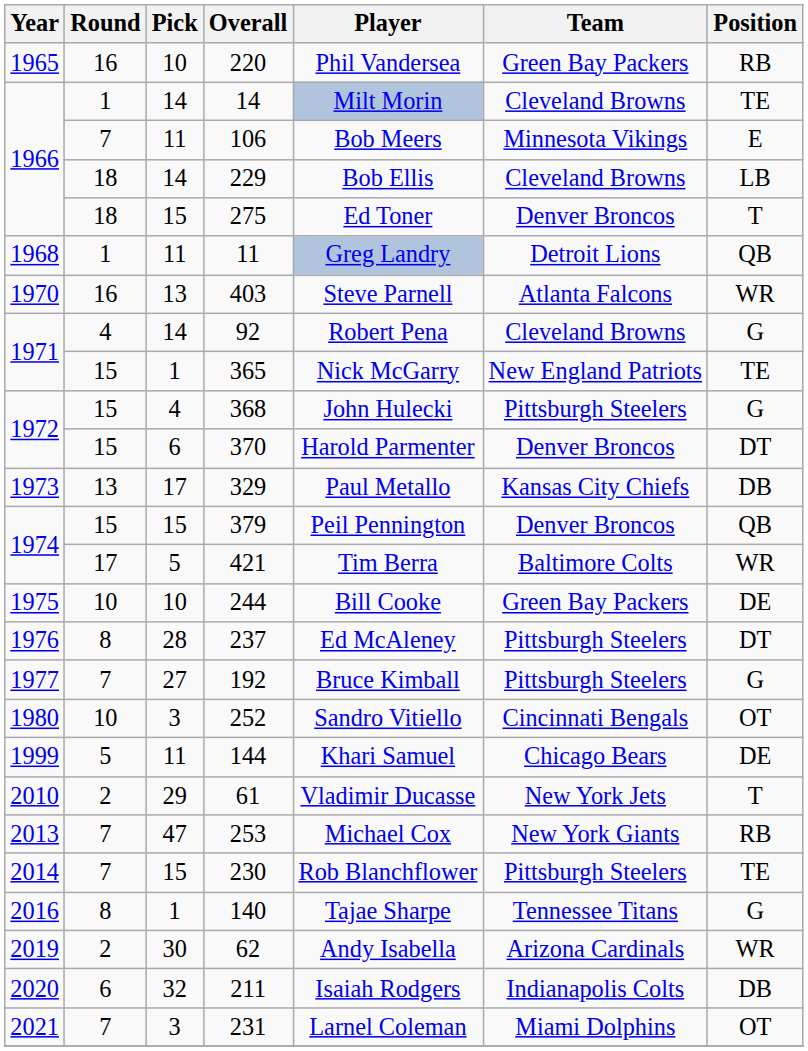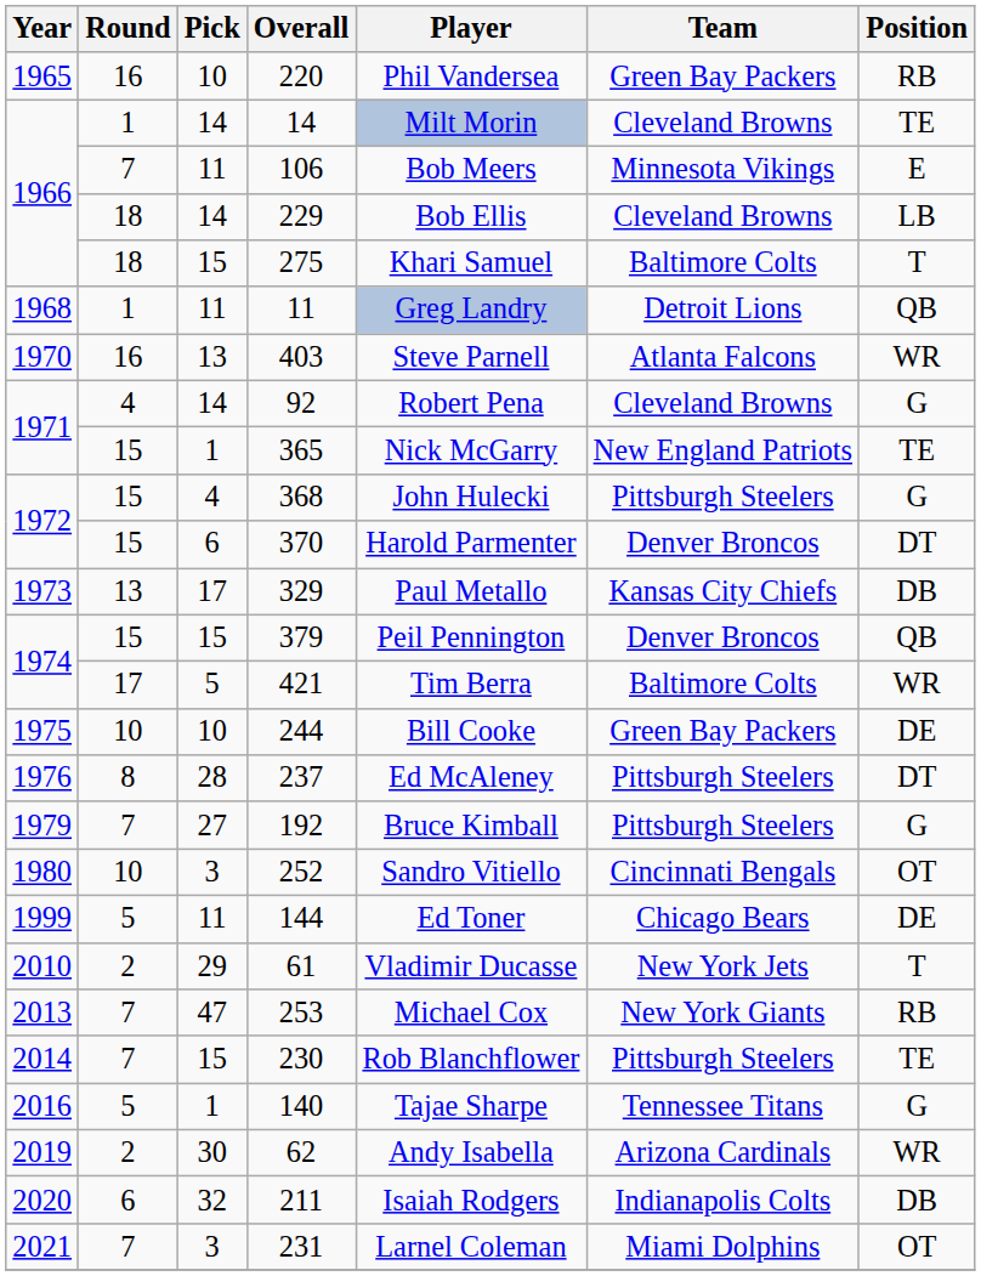 <table class="wikitable sortable" style="text-align: center;">
 <tr>
 <th>Year</th>
 <th>Round</th>
 <th>Pick</th>
 <th>Overall</th>
 <th>Player</th>
 <th>Team</th>
 <th>Position</th>
 </tr>
 <tr>
 <td><a href='#'>1965</a></td>
 <td>16</td>
 <td>10</td>
 <td>220</td>
 <td><a href='#'>Phil Vandersea</a></td>
 <td><a href='#'>Green Bay Packers</a></td>
 <td>RB</td>
 </tr>
 <tr>
 <td rowspan="4"><a href='#'>1966</a></td>
 <td>1</td>
 <td>14</td>
 <td>14</td>
 <td style="background-color:lightsteelblue"><a href='#'>Milt Morin</a></td>
 <td><a href='#'>Cleveland Browns</a></td>
 <td>TE</td>
 </tr>
 <tr>
 <td>7</td>
 <td>11</td>
 <td>106</td>
 <td><a href='#'>Bob Meers</a></td>
 <td><a href='#'>Minnesota Vikings</a></td>
 <td>E</td>
 </tr>
 <tr>
 <td>18</td>
 <td>14</td>
 <td>229</td>
 <td><a href='#'>Bob Ellis</a></td>
 <td><a href='#'>Cleveland Browns</a></td>
 <td>LB</td>
 </tr>
 <tr>
 <td>18</td>
 <td>15</td>
 <td>275</td>
-<td><a href='#'>Ed Toner</a></td>
-<td><a href='#'>Denver Broncos</a></td>
+<td><a href='#'>Khari Samuel</a></td>
+<td><a href='#'>Baltimore Colts</a></td>
 <td>T</td>
 </tr>
 <tr>
 <td><a href='#'>1968</a></td>
 <td>1</td>
 <td>11</td>
 <td>11</td>
 <td style="background-color:lightsteelblue"><a href='#'>Greg Landry</a></td>
 <td><a href='#'>Detroit Lions</a></td>
 <td>QB</td>
 </tr>
 <tr>
 <td><a href='#'>1970</a></td>
 <td>16</td>
 <td>13</td>
 <td>403</td>
 <td><a href='#'>Steve Parnell</a></td>
 <td><a href='#'>Atlanta Falcons</a></td>
 <td>WR</td>
 </tr>
 <tr>
 <td rowspan="2"><a href='#'>1971</a></td>
 <td>4</td>
 <td>14</td>
 <td>92</td>
 <td><a href='#'>Robert Pena</a></td>
 <td><a href='#'>Cleveland Browns</a></td>
 <td>G</td>
 </tr>
 <tr>
 <td>15</td>
 <td>1</td>
 <td>365</td>
 <td><a href='#'>Nick McGarry</a></td>
 <td><a href='#'>New England Patriots</a></td>
 <td>TE</td>
 </tr>
 <tr>
 <td rowspan="2"><a href='#'>1972</a></td>
 <td>15</td>
 <td>4</td>
 <td>368</td>
 <td><a href='#'>John Hulecki</a></td>
 <td><a href='#'>Pittsburgh Steelers</a></td>
 <td>G</td>
 </tr>
 <tr>
 <td>15</td>
 <td>6</td>
 <td>370</td>
 <td><a href='#'>Harold Parmenter</a></td>
 <td><a href='#'>Denver Broncos</a></td>
 <td>DT</td>
 </tr>
 <tr>
 <td><a href='#'>1973</a></td>
 <td>13</td>
 <td>17</td>
 <td>329</td>
 <td><a href='#'>Paul Metallo</a></td>
 <td><a href='#'>Kansas City Chiefs</a></td>
 <td>DB</td>
 </tr>
 <tr>
 <td rowspan="2"><a href='#'>1974</a></td>
 <td>15</td>
 <td>15</td>
 <td>379</td>
 <td><a href='#'>Peil Pennington</a></td>
 <td><a href='#'>Denver Broncos</a></td>
 <td>QB</td>
 </tr>
 <tr>
 <td>17</td>
 <td>5</td>
 <td>421</td>
 <td><a href='#'>Tim Berra</a></td>
 <td><a href='#'>Baltimore Colts</a></td>
 <td>WR</td>
 </tr>
 <tr>
 <td><a href='#'>1975</a></td>
 <td>10</td>
 <td>10</td>
 <td>244</td>
 <td><a href='#'>Bill Cooke</a></td>
 <td><a href='#'>Green Bay Packers</a></td>
 <td>DE</td>
 </tr>
 <tr>
 <td><a href='#'>1976</a></td>
 <td>8</td>
 <td>28</td>
 <td>237</td>
 <td><a href='#'>Ed McAleney</a></td>
 <td><a href='#'>Pittsburgh Steelers</a></td>
 <td>DT</td>
 </tr>
 <tr>
-<td><a href='#'>1977</a></td>
+<td><a href='#'>1979</a></td>
 <td>7</td>
 <td>27</td>
 <td>192</td>
 <td><a href='#'>Bruce Kimball</a></td>
 <td><a href='#'>Pittsburgh Steelers</a></td>
 <td>G</td>
 </tr>
 <tr>
 <td><a href='#'>1980</a></td>
 <td>10</td>
 <td>3</td>
 <td>252</td>
 <td><a href='#'>Sandro Vitiello</a></td>
 <td><a href='#'>Cincinnati Bengals</a></td>
 <td>OT</td>
 </tr>
 <tr>
 <td><a href='#'>1999</a></td>
 <td>5</td>
 <td>11</td>
 <td>144</td>
-<td><a href='#'>Khari Samuel</a></td>
+<td><a href='#'>Ed Toner</a></td>
 <td><a href='#'>Chicago Bears</a></td>
 <td>DE</td>
 </tr>
 <tr>
 <td><a href='#'>2010</a></td>
 <td>2</td>
 <td>29</td>
 <td>61</td>
 <td><a href='#'>Vladimir Ducasse</a></td>
 <td><a href='#'>New York Jets</a></td>
 <td>T</td>
 </tr>
 <tr>
 <td><a href='#'>2013</a></td>
 <td>7</td>
 <td>47</td>
 <td>253</td>
 <td><a href='#'>Michael Cox</a></td>
 <td><a href='#'>New York Giants</a></td>
 <td>RB</td>
 </tr>
 <tr>
 <td><a href='#'>2014</a></td>
 <td>7</td>
 <td>15</td>
 <td>230</td>
 <td><a href='#'>Rob Blanchflower</a></td>
 <td><a href='#'>Pittsburgh Steelers</a></td>
 <td>TE</td>
 </tr>
 <tr>
 <td><a href='#'>2016</a></td>
-<td>8</td>
+<td>5</td>
 <td>1</td>
 <td>140</td>
 <td><a href='#'>Tajae Sharpe</a></td>
 <td><a href='#'>Tennessee Titans</a></td>
 <td>G</td>
 </tr>
 <tr>
 <td><a href='#'>2019</a></td>
 <td>2</td>
 <td>30</td>
 <td>62</td>
 <td><a href='#'>Andy Isabella</a></td>
 <td><a href='#'>Arizona Cardinals</a></td>
 <td>WR</td>
 </tr>
 <tr>
 <td><a href='#'>2020</a></td>
 <td>6</td>
 <td>32</td>
 <td>211</td>
 <td><a href='#'>Isaiah Rodgers</a></td>
 <td><a href='#'>Indianapolis Colts</a></td>
 <td>DB</td>
 </tr>
 <tr>
 <td><a href='#'>2021</a></td>
 <td>7</td>
 <td>3</td>
 <td>231</td>
 <td><a href='#'>Larnel Coleman</a></td>
 <td><a href='#'>Miami Dolphins</a></td>
 <td>OT</td>
 </tr>
 <tr>
 </tr>
 </table>
